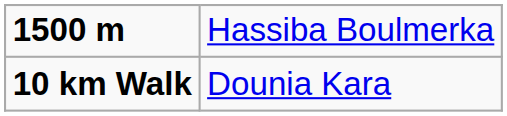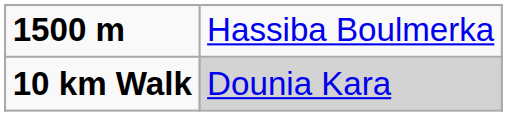 <table class="wikitable">
 <tr>
 <td><strong>1500 m</strong></td>
 <td><a href='#'>Hassiba Boulmerka</a></td>
 </tr>
 <tr>
 <td><strong>10 km Walk</strong></td>
-<td><a href='#'>Dounia Kara</a></td>
+<td style="background: lightgrey;"><a href='#'>Dounia Kara</a></td>
 </tr>
 </table>
